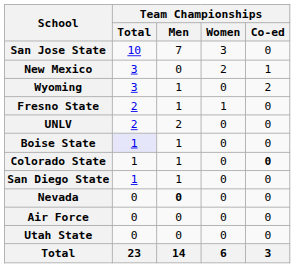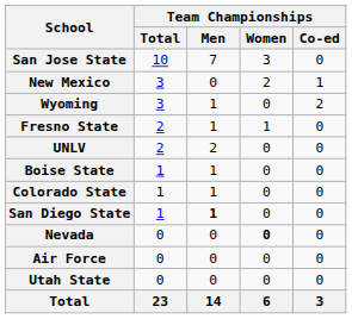 <table class="wikitable" style="text-align:center">
 <tr>
 <th rowspan="2">School</th>
 <th colspan="4">Team Championships</th>
 </tr>
 <tr>
 <th width="45">Total</th>
 <th width="45">Men</th>
 <th width="45">Women</th>
 <th width="45">Co-ed</th>
 </tr>
 <tr>
 <th>San Jose State</th>
 <td><a href='#'>10</a></td>
 <td>7</td>
 <td>3</td>
 <td>0</td>
 </tr>
 <tr>
 <th>New Mexico</th>
 <td><a href='#'>3</a></td>
 <td>0</td>
 <td>2</td>
 <td>1</td>
 </tr>
 <tr>
 <th>Wyoming</th>
 <td><a href='#'>3</a></td>
 <td>1</td>
 <td>0</td>
 <td>2</td>
 </tr>
 <tr>
 <th>Fresno State</th>
 <td><a href='#'>2</a></td>
 <td>1</td>
 <td>1</td>
 <td>0</td>
 </tr>
 <tr>
 <th>UNLV</th>
 <td><a href='#'>2</a></td>
 <td>2</td>
 <td>0</td>
 <td>0</td>
 </tr>
 <tr>
 <th>Boise State</th>
-<td style="background: lavender;"><a href='#'>1</a></td>
+<td><a href='#'>1</a></td>
 <td>1</td>
 <td>0</td>
 <td>0</td>
 </tr>
 <tr>
 <th>Colorado State</th>
 <td>1</td>
 <td>1</td>
 <td>0</td>
-<td><strong>0</strong></td>
+<td>0</td>
 </tr>
 <tr>
 <th>San Diego State</th>
 <td><a href='#'>1</a></td>
-<td>1</td>
+<td><strong>1</strong></td>
 <td>0</td>
 <td>0</td>
 </tr>
 <tr>
 <th>Nevada</th>
 <td>0</td>
+<td>0</td>
 <td><strong>0</strong></td>
-<td>0</td>
 <td>0</td>
 </tr>
 <tr>
 <th>Air Force</th>
 <td>0</td>
 <td>0</td>
 <td>0</td>
 <td>0</td>
 </tr>
 <tr>
 <th>Utah State</th>
 <td>0</td>
 <td>0</td>
 <td>0</td>
 <td>0</td>
 </tr>
 <tr>
 <th>Total</th>
 <th>23</th>
 <th>14</th>
 <th>6</th>
 <th>3</th>
 </tr>
 </table>
